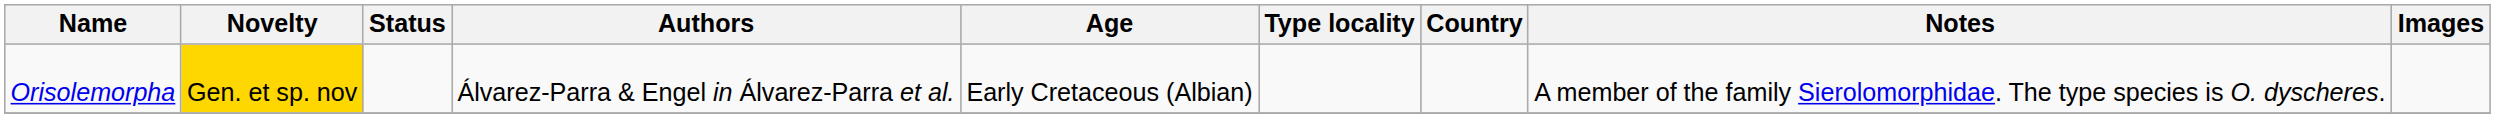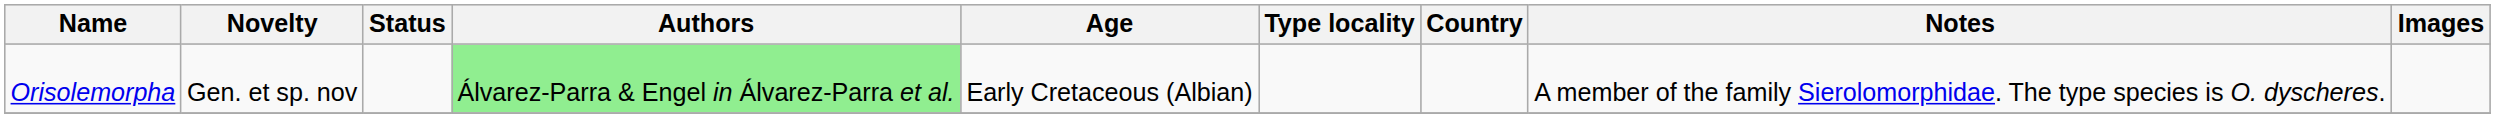 <table class="wikitable sortable" align="center" width="100%">
 <tr>
 <th>Name</th>
 <th>Novelty</th>
 <th>Status</th>
 <th>Authors</th>
 <th>Age</th>
 <th>Type locality</th>
 <th>Country</th>
 <th>Notes</th>
 <th>Images</th>
 </tr>
 <tr>
 <td><br><em><a href='#'>Orisolemorpha</a></em></td>
-<td style="background: gold;"><br>Gen. et sp. nov</td>
+<td><br>Gen. et sp. nov</td>
 <td></td>
-<td><br>Álvarez-Parra & Engel <em>in</em> Álvarez-Parra <em>et al.</em></td>
+<td style="background: lightgreen;"><br>Álvarez-Parra & Engel <em>in</em> Álvarez-Parra <em>et al.</em></td>
 <td><br>Early Cretaceous (Albian)</td>
 <td></td>
 <td><br></td>
 <td><br>A member of the family <a href='#'>Sierolomorphidae</a>. The type species is <em>O. dyscheres</em>.</td>
 <td></td>
 </tr>
 <tr>
 </tr>
 </table>
